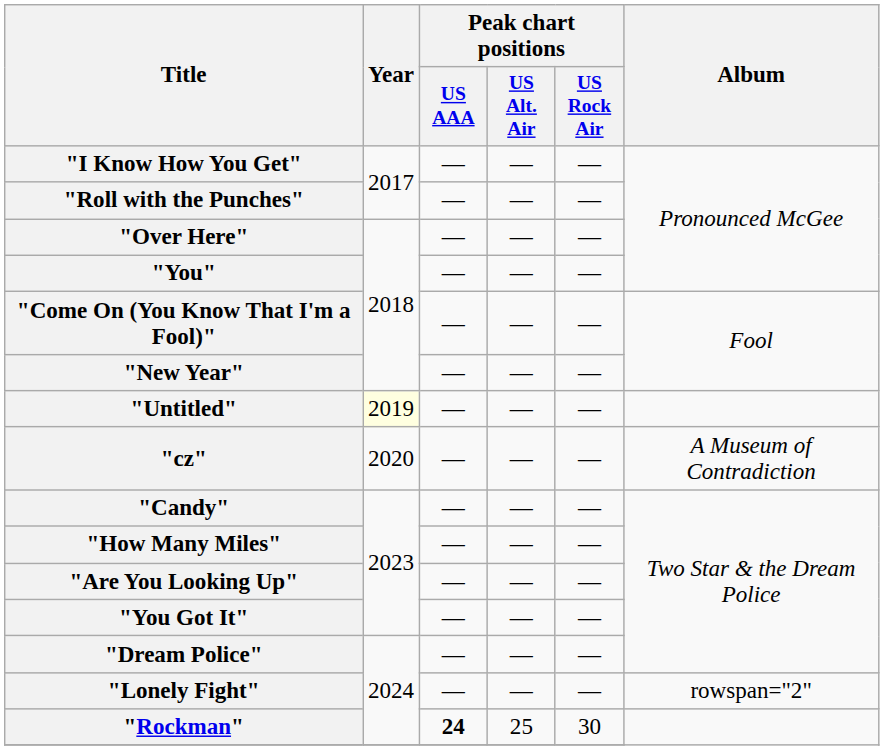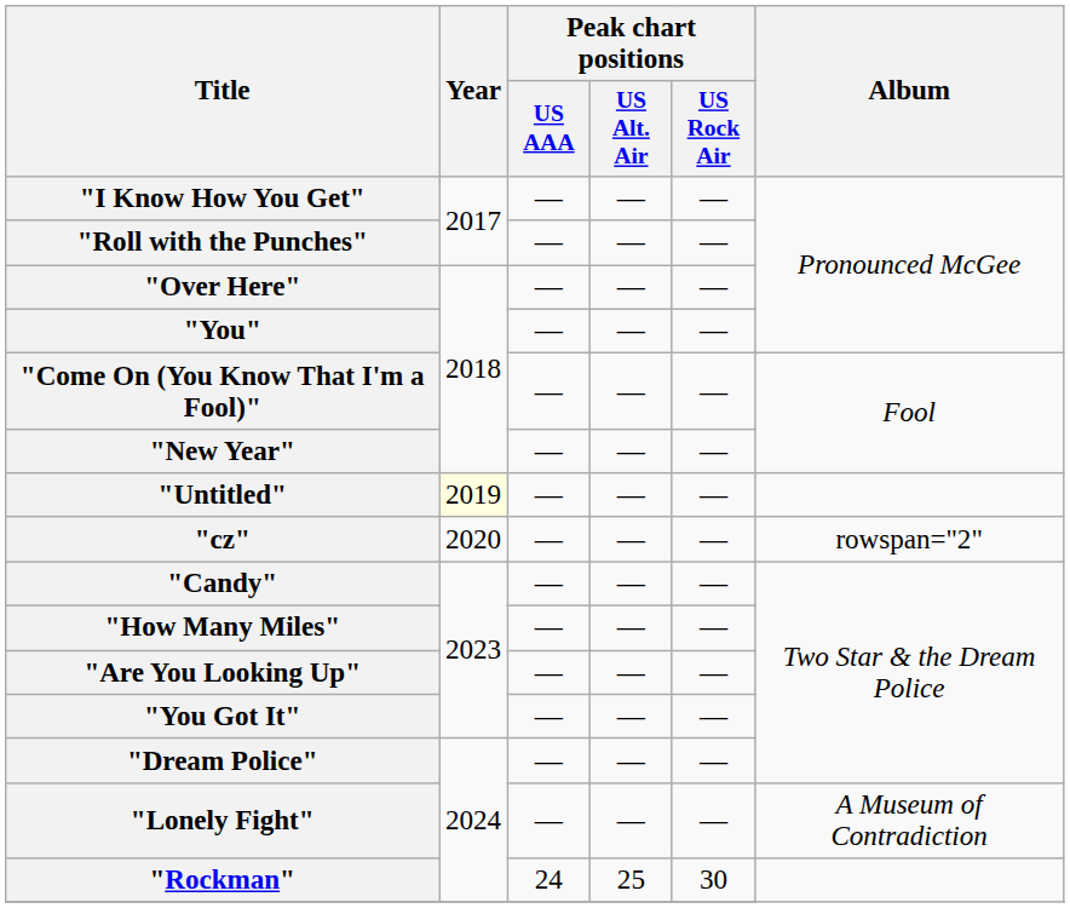 <table class="wikitable plainrowheaders" style="text-align:center">
 <tr>
 <th scope="col" rowspan="2">Title</th>
 <th scope="col" rowspan="2">Year</th>
 <th scope="col" colspan="3">Peak chart positions</th>
 <th scope="col" rowspan="2">Album</th>
 </tr>
 <tr>
 <th scope="col" style="width:3em;font-size:85%;"><a href='#'>US<br>AAA</a></th>
 <th scope="col" style="width:3em;font-size:85%;"><a href='#'>US<br>Alt.<br>Air</a></th>
 <th scope="col" style="width:3em;font-size:85%;"><a href='#'>US<br>Rock<br>Air</a></th>
 </tr>
 <tr>
 <th scope="row">"I Know How You Get"</th>
 <td rowspan="2">2017</td>
 <td>—</td>
 <td>—</td>
 <td>—</td>
 <td rowspan="4"><em>Pronounced McGee</em></td>
 </tr>
 <tr>
 <th scope="row">"Roll with the Punches"</th>
 <td>—</td>
 <td>—</td>
 <td>—</td>
 </tr>
 <tr>
 <th scope="row">"Over Here"</th>
 <td rowspan="4">2018</td>
 <td>—</td>
 <td>—</td>
 <td>—</td>
 </tr>
 <tr>
 <th scope="row">"You"</th>
 <td>—</td>
 <td>—</td>
 <td>—</td>
 </tr>
 <tr>
 <th scope="row">"Come On (You Know That I'm a Fool)"</th>
 <td>—</td>
 <td>—</td>
 <td>—</td>
 <td rowspan="2"><em>Fool</em></td>
 </tr>
 <tr>
 <th scope="row">"New Year"</th>
 <td>—</td>
 <td>—</td>
 <td>—</td>
 </tr>
 <tr>
 <th scope="row">"Untitled"</th>
 <td style="background: lightyellow;">2019</td>
 <td>—</td>
 <td>—</td>
 <td>—</td>
 <td></td>
 </tr>
 <tr>
 <th scope="row">"cz"</th>
 <td>2020</td>
 <td>—</td>
 <td>—</td>
 <td>—</td>
-<td><em>A Museum of Contradiction</em></td>
+<td>rowspan="2" </td>
 </tr>
 <tr>
 <th scope="row">"Candy"</th>
 <td rowspan="4">2023</td>
 <td>—</td>
 <td>—</td>
 <td>—</td>
 <td rowspan="5"><em>Two Star & the Dream Police</em></td>
 </tr>
 <tr>
 <th scope="row">"How Many Miles"</th>
 <td>—</td>
 <td>—</td>
 <td>—</td>
 </tr>
 <tr>
 <th scope="row">"Are You Looking Up"</th>
 <td>—</td>
 <td>—</td>
 <td>—</td>
 </tr>
 <tr>
 <th scope="row">"You Got It"</th>
 <td>—</td>
 <td>—</td>
 <td>—</td>
 </tr>
 <tr>
 <th scope="row">"Dream Police"</th>
 <td rowspan="3">2024</td>
 <td>—</td>
 <td>—</td>
 <td>—</td>
 </tr>
 <tr>
 <th scope="row">"Lonely Fight"</th>
 <td>—</td>
 <td>—</td>
 <td>—</td>
-<td>rowspan="2" </td>
+<td><em>A Museum of Contradiction</em></td>
 </tr>
 <tr>
 <th scope="row">"<a href='#'>Rockman</a>"</th>
-<td><strong>24<br></strong></td>
+<td>24<br></td>
 <td>25<br></td>
 <td>30<br></td>
 </tr>
 <tr>
 </tr>
 </table>
